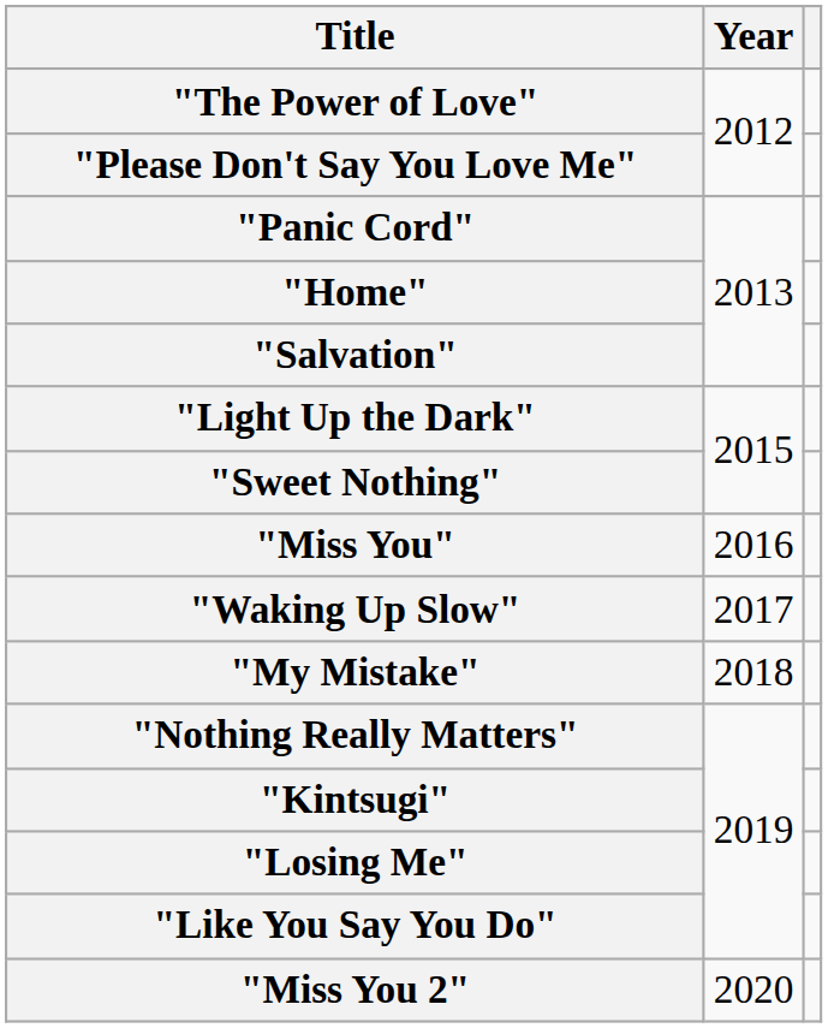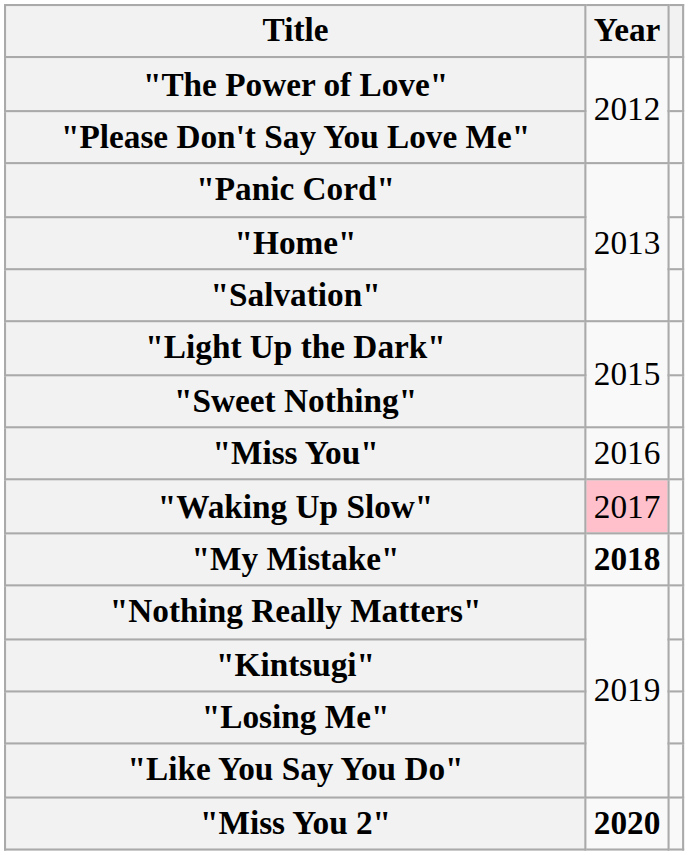 <table class="wikitable plainrowheaders" style="text-align:center;">
 <tr>
 <th scope="col" style="width:17em;">Title</th>
 <th scope="col" style="width:1em;">Year</th>
 <th scope="col"></th>
 </tr>
 <tr>
 <th scope="row">"The Power of Love"</th>
 <td rowspan="2">2012</td>
 <td></td>
 </tr>
 <tr>
 <th scope="row">"Please Don't Say You Love Me"</th>
 <td></td>
 </tr>
 <tr>
 <th scope="row">"Panic Cord"</th>
 <td rowspan="3">2013</td>
 <td></td>
 </tr>
 <tr>
 <th scope="row">"Home"</th>
 <td></td>
 </tr>
 <tr>
 <th scope="row">"Salvation"</th>
 <td></td>
 </tr>
 <tr>
 <th scope="row">"Light Up the Dark"</th>
 <td rowspan="2">2015</td>
 <td></td>
 </tr>
 <tr>
 <th scope="row">"Sweet Nothing"</th>
 <td></td>
 </tr>
 <tr>
 <th scope="row">"Miss You"</th>
 <td>2016</td>
 <td></td>
 </tr>
 <tr>
 <th scope="row">"Waking Up Slow"</th>
-<td>2017</td>
+<td style="background: pink;">2017</td>
 <td></td>
 </tr>
 <tr>
 <th scope="row">"My Mistake"</th>
-<td>2018</td>
+<td><strong>2018</strong></td>
 <td></td>
 </tr>
 <tr>
 <th scope="row">"Nothing Really Matters"</th>
 <td rowspan="4">2019</td>
 <td></td>
 </tr>
 <tr>
 <th scope="row">"Kintsugi"</th>
 <td></td>
 </tr>
 <tr>
 <th scope="row">"Losing Me"</th>
 <td></td>
 </tr>
 <tr>
 <th scope="row">"Like You Say You Do"</th>
 <td></td>
 </tr>
 <tr>
 <th scope="row">"Miss You 2"</th>
-<td>2020</td>
+<td><strong>2020</strong></td>
 <td></td>
 </tr>
 </table>
